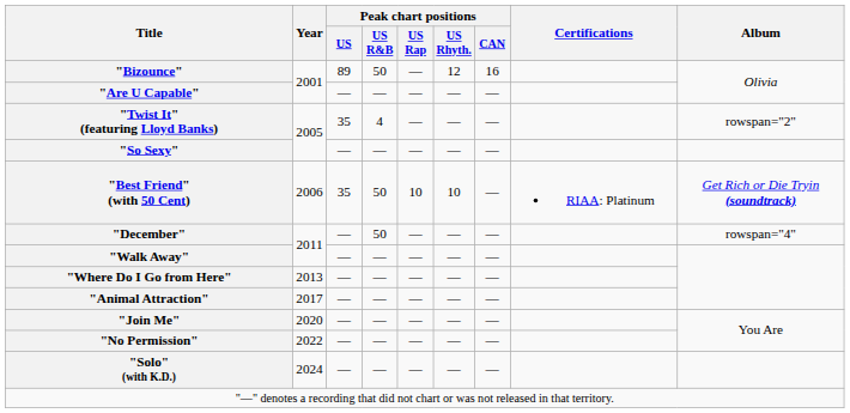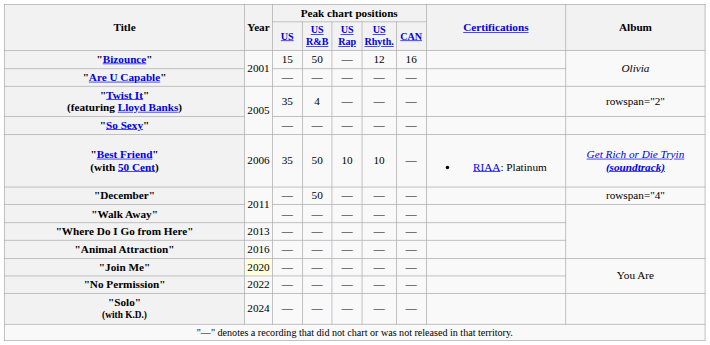 <table class="wikitable plainrowheaders" style="text-align:center;">
 <tr>
 <th scope="col" rowspan="2" style="width:21em;">Title</th>
 <th scope="col" rowspan="2" style="width:1em;">Year</th>
 <th scope="col" colspan="5">Peak chart positions</th>
 <th scope="col" rowspan="2" style="width:12em;"><a href='#'>Certifications</a></th>
 <th scope="col" rowspan="2" style="width:12em;">Album</th>
 </tr>
 <tr>
 <th scope="col" style="width:2.5em;font-size:90%;"><a href='#'>US</a><br></th>
 <th scope="col" style="width:2.5em;font-size:90%;"><a href='#'>US<br>R&B</a><br></th>
 <th scope="col" style="width:2.5em;font-size:90%;"><a href='#'>US<br>Rap</a><br></th>
 <th scope="col" style="width:2.5em;font-size:90%;"><a href='#'>US<br>Rhyth.</a><br></th>
 <th scope="col" style="width:2.5em;font-size:90%;"><a href='#'>CAN</a><br></th>
 </tr>
 <tr>
 <th scope="row">"<a href='#'>Bizounce</a>"</th>
 <td rowspan="2">2001</td>
-<td>89</td>
+<td>15</td>
 <td>50</td>
 <td>—</td>
 <td>12</td>
 <td>16</td>
 <td></td>
 <td rowspan="2"><em>Olivia</em></td>
 </tr>
 <tr>
 <th scope="row">"<a href='#'>Are U Capable</a>"</th>
 <td>—</td>
 <td>—</td>
 <td>—</td>
 <td>—</td>
 <td>—</td>
 <td></td>
 </tr>
 <tr>
 <th scope="row">"<a href='#'>Twist It</a>"<br><span>(featuring <a href='#'>Lloyd Banks</a>)</span></th>
 <td rowspan="2">2005</td>
 <td>35</td>
 <td>4</td>
 <td>—</td>
 <td>—</td>
 <td>—</td>
 <td></td>
 <td>rowspan="2" </td>
 </tr>
 <tr>
 <th scope="row">"<a href='#'>So Sexy</a>"</th>
 <td>—</td>
 <td>—</td>
 <td>—</td>
 <td>—</td>
 <td>—</td>
 <td></td>
 </tr>
 <tr>
 <th scope="row">"<a href='#'>Best Friend</a>"<br><span>(with <a href='#'>50 Cent</a>)</span></th>
 <td>2006</td>
 <td>35</td>
 <td>50</td>
 <td>10</td>
 <td>10</td>
 <td>—</td>
 <td><br><ul><li><a href='#'>RIAA</a>: Platinum</li></ul></td>
 <td><a href='#'><em>Get Rich or Die Tryin<strong> (soundtrack)</a></td>
 </tr>
 <tr>
 <th scope="row">"December"</th>
 <td rowspan="2">2011</td>
 <td>—</td>
 <td>50</td>
 <td>—</td>
 <td>—</td>
 <td>—</td>
 <td></td>
 <td>rowspan="4" </td>
 </tr>
 <tr>
 <th scope="row">"Walk Away"</th>
 <td>—</td>
 <td>—</td>
 <td>—</td>
 <td>—</td>
 <td>—</td>
 <td></td>
 </tr>
 <tr>
 <th scope="row">"Where Do I Go from Here"</th>
 <td>2013</td>
 <td>—</td>
 <td>—</td>
 <td>—</td>
 <td>—</td>
 <td>—</td>
 <td></td>
 </tr>
 <tr>
 <th scope="row">"Animal Attraction"</th>
-<td>2017</td>
+<td>2016</td>
 <td>—</td>
 <td>—</td>
 <td>—</td>
 <td>—</td>
 <td>—</td>
 <td></td>
 </tr>
 <tr>
 <th scope="row">"Join Me"</th>
-<td>2020</td>
+<td style="background: lightyellow;">2020</td>
 <td>—</td>
 <td>—</td>
 <td>—</td>
 <td>—</td>
 <td>—</td>
 <td></td>
 <td rowspan="2"></em>You Are<em></td>
 </tr>
 <tr>
 <th scope="row">"No Permission"</th>
 <td>2022</td>
 <td>—</td>
 <td>—</td>
 <td>—</td>
 <td>—</td>
 <td>—</td>
 <td></td>
 </tr>
 <tr>
 <th scope="row">"Solo"<br><small>(with K.D.)</small></th>
 <td>2024</td>
 <td>—</td>
 <td>—</td>
 <td>—</td>
 <td>—</td>
 <td>—</td>
 <td></td>
 <td></em><em></td>
 </tr>
 <tr>
 <td colspan="14" style="font-size:90%">"—" denotes a recording that did not chart or was not released in that territory.</td>
 </tr>
 </table>
